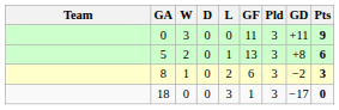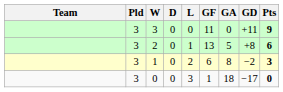 <table class="wikitable" style="text-align:center;">
 <tr>
 <th width=180>Team</th>
-<th width=20>GA</th>
+<th width=20>Pld</th>
 <th width=20>W</th>
 <th width=20>D</th>
 <th width=20>L</th>
 <th width=20>GF</th>
-<th width=20>Pld</th>
+<th width=20>GA</th>
 <th width=20>GD</th>
 <th width=20>Pts</th>
 </tr>
 <tr align=center style="background:#ccffcc;">
 <td style="text-align:left;"></td>
-<td>0</td>
+<td>3</td>
 <td>3</td>
 <td>0</td>
 <td>0</td>
 <td>11</td>
-<td>3</td>
+<td>0</td>
 <td>+11</td>
 <td><strong>9</strong></td>
 </tr>
 <tr align=center style="background:#ccffcc;">
 <td style="text-align:left;"></td>
-<td>5</td>
+<td>3</td>
 <td>2</td>
 <td>0</td>
 <td>1</td>
 <td>13</td>
-<td>3</td>
+<td>5</td>
 <td>+8</td>
 <td><strong>6</strong></td>
 </tr>
 <tr align=center style="background:#ffffcc;">
 <td style="text-align:left;"></td>
-<td>8</td>
+<td>3</td>
 <td>1</td>
 <td>0</td>
 <td>2</td>
 <td>6</td>
-<td>3</td>
+<td>8</td>
 <td>−2</td>
 <td><strong>3</strong></td>
 </tr>
 <tr align=center>
 <td style="text-align:left;"></td>
-<td>18</td>
+<td>3</td>
 <td>0</td>
 <td>0</td>
 <td>3</td>
 <td>1</td>
-<td>3</td>
+<td>18</td>
 <td>−17</td>
 <td><strong>0</strong></td>
 </tr>
 </table>
